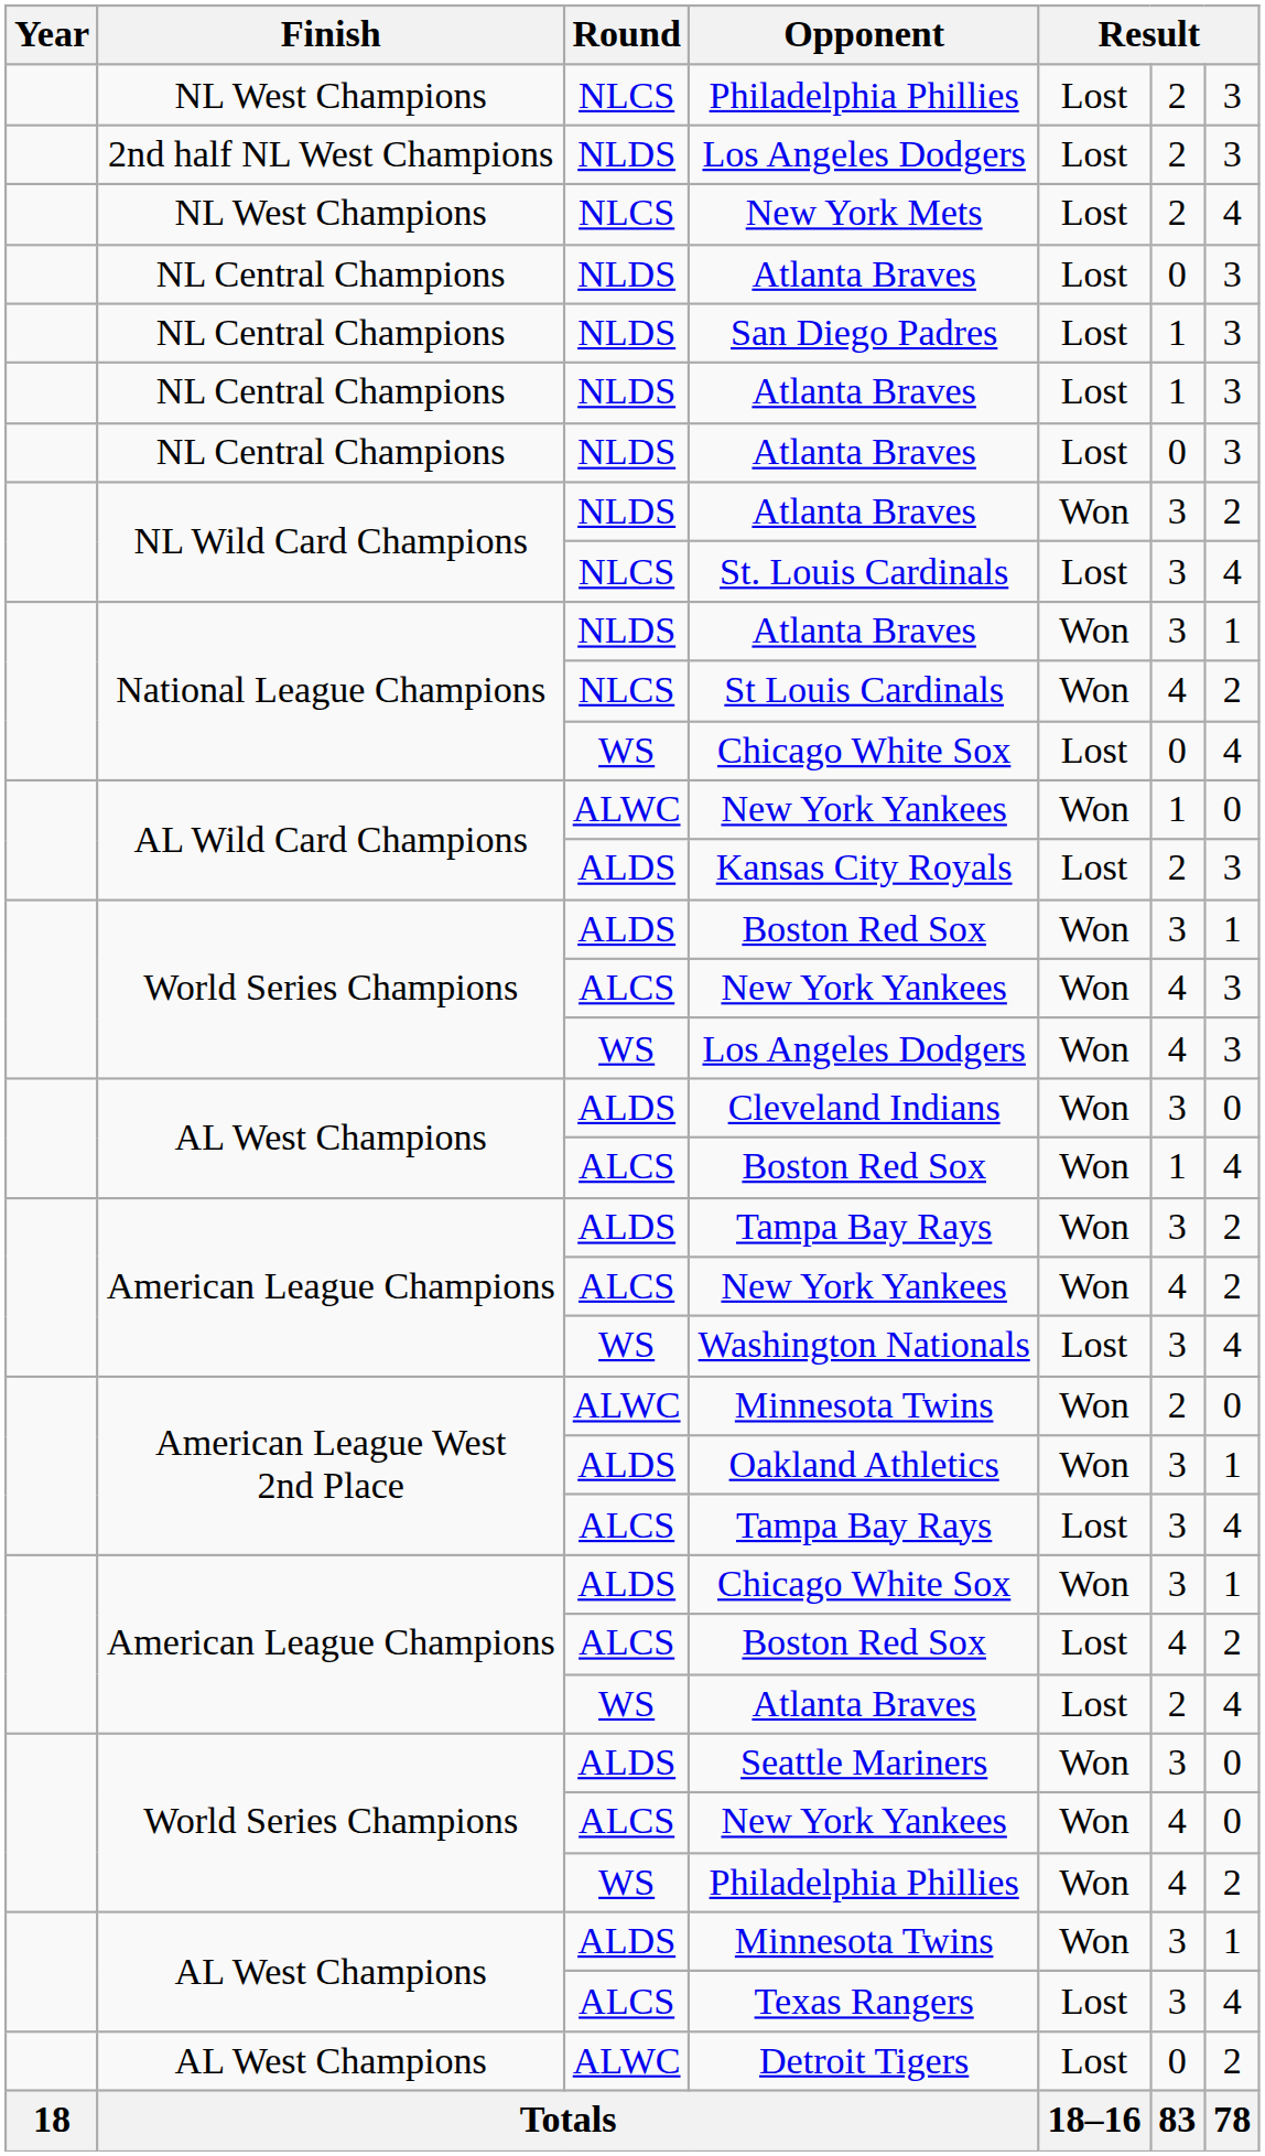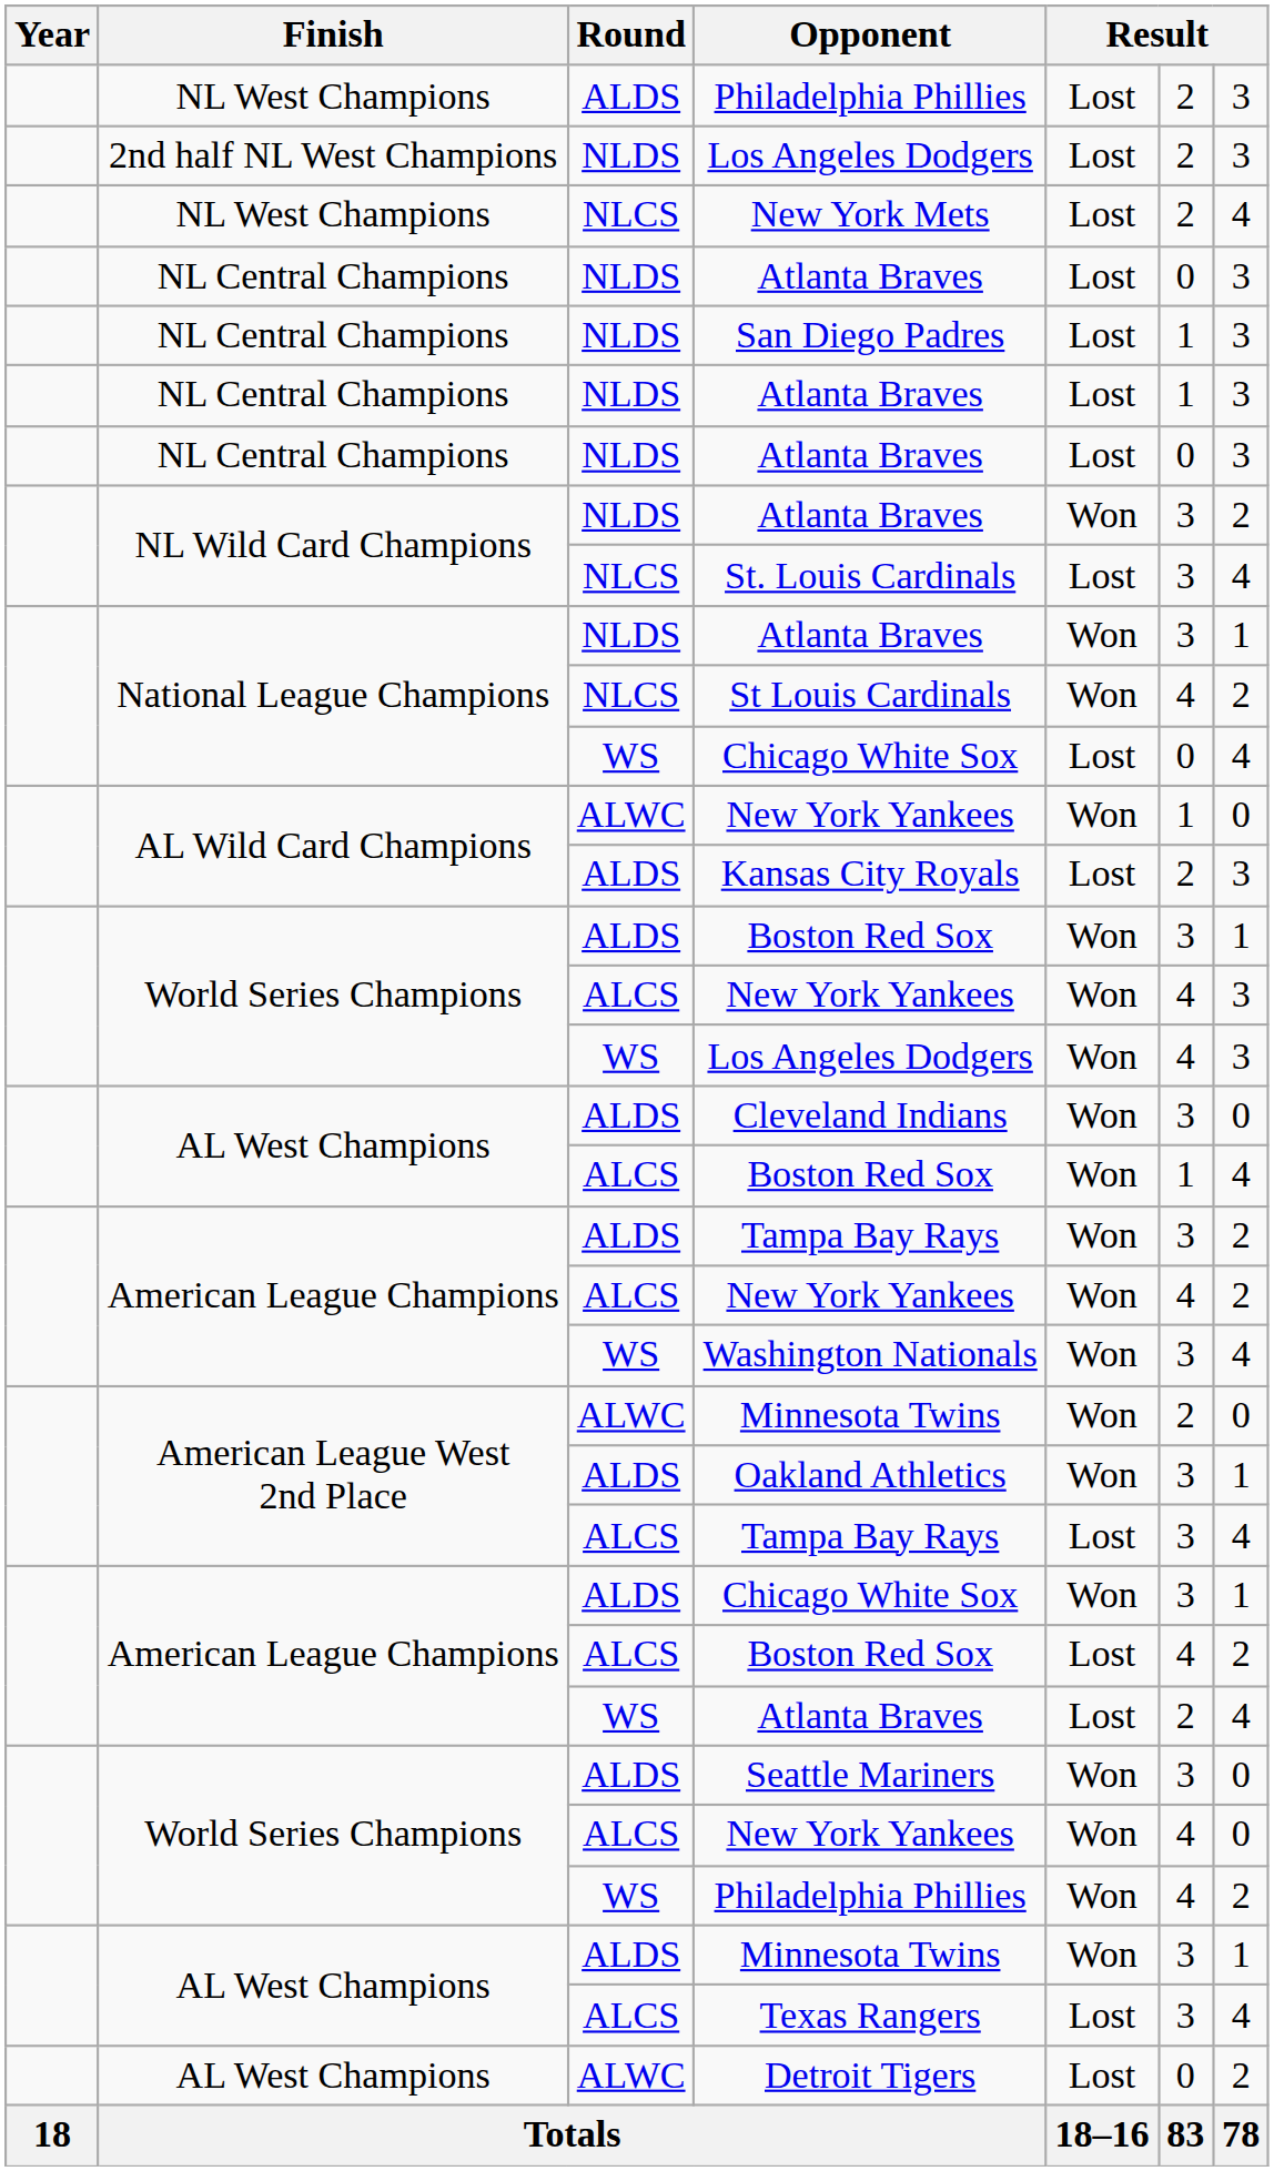 <table class="wikitable">
 <tr>
 <th colspan=1>Year</th>
 <th colspan=1>Finish</th>
 <th colspan=1>Round</th>
 <th colspan=1>Opponent</th>
 <th colspan=3>Result</th>
 </tr>
 <tr>
 <td align="center"></td>
 <td align="center">NL West Champions</td>
-<td align="center"><a href='#'>NLCS</a></td>
+<td align="center"><a href='#'>ALDS</a></td>
 <td align="center"><a href='#'>Philadelphia Phillies</a></td>
 <td align="center">Lost</td>
 <td align="center">2</td>
 <td align="center">3</td>
 </tr>
 <tr>
 <td align="center"></td>
 <td align="center">2nd half NL West Champions</td>
 <td align="center"><a href='#'>NLDS</a></td>
 <td align="center"><a href='#'>Los Angeles Dodgers</a></td>
 <td align="center">Lost</td>
 <td align="center">2</td>
 <td align="center">3</td>
 </tr>
 <tr>
 <td align="center"></td>
 <td align="center">NL West Champions</td>
 <td align="center"><a href='#'>NLCS</a></td>
 <td align="center"><a href='#'>New York Mets</a></td>
 <td align="center">Lost</td>
 <td align="center">2</td>
 <td align="center">4</td>
 </tr>
 <tr>
 <td align="center"></td>
 <td align="center">NL Central Champions</td>
 <td align="center"><a href='#'>NLDS</a></td>
 <td align="center"><a href='#'>Atlanta Braves</a></td>
 <td align="center">Lost</td>
 <td align="center">0</td>
 <td align="center">3</td>
 </tr>
 <tr>
 <td align="center"></td>
 <td align="center">NL Central Champions</td>
 <td align="center"><a href='#'>NLDS</a></td>
 <td align="center"><a href='#'>San Diego Padres</a></td>
 <td align="center">Lost</td>
 <td align="center">1</td>
 <td align="center">3</td>
 </tr>
 <tr>
 <td align="center"></td>
 <td align="center">NL Central Champions</td>
 <td align="center"><a href='#'>NLDS</a></td>
 <td align="center"><a href='#'>Atlanta Braves</a></td>
 <td align="center">Lost</td>
 <td align="center">1</td>
 <td align="center">3</td>
 </tr>
 <tr>
 <td align="center"></td>
 <td align="center">NL Central Champions</td>
 <td align="center"><a href='#'>NLDS</a></td>
 <td align="center"><a href='#'>Atlanta Braves</a></td>
 <td align="center">Lost</td>
 <td align="center">0</td>
 <td align="center">3</td>
 </tr>
 <tr>
 <td align="center" rowspan="2"></td>
 <td align="center" rowspan="2">NL Wild Card Champions</td>
 <td align="center"><a href='#'>NLDS</a></td>
 <td align="center"><a href='#'>Atlanta Braves</a></td>
 <td align="center">Won</td>
 <td align="center">3</td>
 <td align="center">2</td>
 </tr>
 <tr>
 <td align="center"><a href='#'>NLCS</a></td>
 <td align="center"><a href='#'>St. Louis Cardinals</a></td>
 <td align="center">Lost</td>
 <td align="center">3</td>
 <td align="center">4</td>
 </tr>
 <tr>
 <td align="center" rowspan="3"></td>
 <td align="center" rowspan="3">National League Champions</td>
 <td align="center"><a href='#'>NLDS</a></td>
 <td align="center"><a href='#'>Atlanta Braves</a></td>
 <td align="center">Won</td>
 <td align="center">3</td>
 <td align="center">1</td>
 </tr>
 <tr>
 <td align="center"><a href='#'>NLCS</a></td>
 <td align="center"><a href='#'>St Louis Cardinals</a></td>
 <td align="center">Won</td>
 <td align="center">4</td>
 <td align="center">2</td>
 </tr>
 <tr>
 <td align="center"><a href='#'>WS</a></td>
 <td align="center"><a href='#'>Chicago White Sox</a></td>
 <td align="center">Lost</td>
 <td align="center">0</td>
 <td align="center">4</td>
 </tr>
 <tr>
 <td align="center" rowspan="2"></td>
 <td align="center" rowspan="2">AL Wild Card Champions</td>
 <td align="center"><a href='#'>ALWC</a></td>
 <td align="center"><a href='#'>New York Yankees</a></td>
 <td align="center">Won</td>
 <td align="center">1</td>
 <td align="center">0</td>
 </tr>
 <tr>
 <td align="center"><a href='#'>ALDS</a></td>
 <td align="center"><a href='#'>Kansas City Royals</a></td>
 <td align="center">Lost</td>
 <td align="center">2</td>
 <td align="center">3</td>
 </tr>
 <tr>
 <td align="center" rowspan="3"></td>
 <td align="center" rowspan="3">World Series Champions</td>
 <td align="center"><a href='#'>ALDS</a></td>
 <td align="center"><a href='#'>Boston Red Sox</a></td>
 <td align="center">Won</td>
 <td align="center">3</td>
 <td align="center">1</td>
 </tr>
 <tr>
 <td align="center"><a href='#'>ALCS</a></td>
 <td align="center"><a href='#'>New York Yankees</a></td>
 <td align="center">Won</td>
 <td align="center">4</td>
 <td align="center">3</td>
 </tr>
 <tr>
 <td align="center"><a href='#'>WS</a></td>
 <td align="center"><a href='#'>Los Angeles Dodgers</a></td>
 <td align="center">Won</td>
 <td align="center">4</td>
 <td align="center">3</td>
 </tr>
 <tr>
 <td align="center" rowspan="2"></td>
 <td align="center" rowspan="2">AL West Champions</td>
 <td align="center"><a href='#'>ALDS</a></td>
 <td align="center"><a href='#'>Cleveland Indians</a></td>
 <td align="center">Won</td>
 <td align="center">3</td>
 <td align="center">0</td>
 </tr>
 <tr>
 <td align="center"><a href='#'>ALCS</a></td>
 <td align="center"><a href='#'>Boston Red Sox</a></td>
 <td align="center">Won</td>
 <td align="center">1</td>
 <td align="center">4</td>
 </tr>
 <tr>
 <td align="center" rowspan="3"></td>
 <td align="center" rowspan="3">American League Champions</td>
 <td align="center"><a href='#'>ALDS</a></td>
 <td align="center"><a href='#'>Tampa Bay Rays</a></td>
 <td align="center">Won</td>
 <td align="center">3</td>
 <td align="center">2</td>
 </tr>
 <tr>
 <td align="center"><a href='#'>ALCS</a></td>
 <td align="center"><a href='#'>New York Yankees</a></td>
 <td align="center">Won</td>
 <td align="center">4</td>
 <td align="center">2</td>
 </tr>
 <tr>
 <td align= "center"><a href='#'>WS</a></td>
 <td align="center"><a href='#'>Washington Nationals</a></td>
-<td align="center">Lost</td>
+<td align="center">Won</td>
 <td align="center">3</td>
 <td align="center">4</td>
 </tr>
 <tr>
 <td align="center" rowspan="3"></td>
 <td align="center" rowspan="3">American League West <br> 2nd Place</td>
 <td align="center"><a href='#'>ALWC</a></td>
 <td align="center"><a href='#'>Minnesota Twins</a></td>
 <td align="center">Won</td>
 <td align="center">2</td>
 <td align="center">0</td>
 </tr>
 <tr>
 <td align="center"><a href='#'>ALDS</a></td>
 <td align="center"><a href='#'>Oakland Athletics</a></td>
 <td align="center">Won</td>
 <td align="center">3</td>
 <td align="center">1</td>
 </tr>
 <tr>
 <td align="center"><a href='#'>ALCS</a></td>
 <td align="center"><a href='#'>Tampa Bay Rays</a></td>
 <td align="center">Lost</td>
 <td align="center">3</td>
 <td align="center">4</td>
 </tr>
 <tr>
 <td align="center" rowspan="3"></td>
 <td align="center" rowspan="3">American League Champions</td>
 <td align="center"><a href='#'>ALDS</a></td>
 <td align="center"><a href='#'>Chicago White Sox</a></td>
 <td align="center">Won</td>
 <td align="center">3</td>
 <td align="center">1</td>
 </tr>
 <tr>
 <td align="center"><a href='#'>ALCS</a></td>
 <td align="center"><a href='#'>Boston Red Sox</a></td>
 <td align="center">Lost</td>
 <td align="center">4</td>
 <td align="center">2</td>
 </tr>
 <tr>
 <td align="center"><a href='#'>WS</a></td>
 <td align="center"><a href='#'>Atlanta Braves</a></td>
 <td align="center">Lost</td>
 <td align="center">2</td>
 <td align="center">4</td>
 </tr>
 <tr>
 <td align="center" rowspan="3"></td>
 <td align="center" rowspan="3">World Series Champions</td>
 <td align="center"><a href='#'>ALDS</a></td>
 <td align="center"><a href='#'>Seattle Mariners</a></td>
 <td align="center">Won</td>
 <td align="center">3</td>
 <td align="center">0</td>
 </tr>
 <tr>
 <td align="center"><a href='#'>ALCS</a></td>
 <td align="center"><a href='#'>New York Yankees</a></td>
 <td align="center">Won</td>
 <td align="center">4</td>
 <td align="center">0</td>
 </tr>
 <tr>
 <td align="center"><a href='#'>WS</a></td>
 <td align="center"><a href='#'>Philadelphia Phillies</a></td>
 <td align="center">Won</td>
 <td align="center">4</td>
 <td align="center">2</td>
 </tr>
 <tr>
 <td align="center" rowspan="2"></td>
 <td align="center" rowspan="2">AL West Champions</td>
 <td align="center"><a href='#'>ALDS</a></td>
 <td align="center"><a href='#'>Minnesota Twins</a></td>
 <td align="center">Won</td>
 <td align="center">3</td>
 <td align="center">1</td>
 </tr>
 <tr>
 <td align="center"><a href='#'>ALCS</a></td>
 <td align="center"><a href='#'>Texas Rangers</a></td>
 <td align="center">Lost</td>
 <td align="center">3</td>
 <td align="center">4</td>
 </tr>
 <tr>
 <td align="center" rowspan="1"></td>
 <td align="center" rowspan="1">AL West Champions</td>
 <td align="center"><a href='#'>ALWC</a></td>
 <td align="center"><a href='#'>Detroit Tigers</a></td>
 <td align="center">Lost</td>
 <td align="center">0</td>
 <td align="center">2</td>
 </tr>
 <tr>
 <th align="center">18</th>
 <th colspan="3">Totals</th>
 <th>18–16</th>
 <th>83</th>
 <th>78</th>
 </tr>
 </table>
